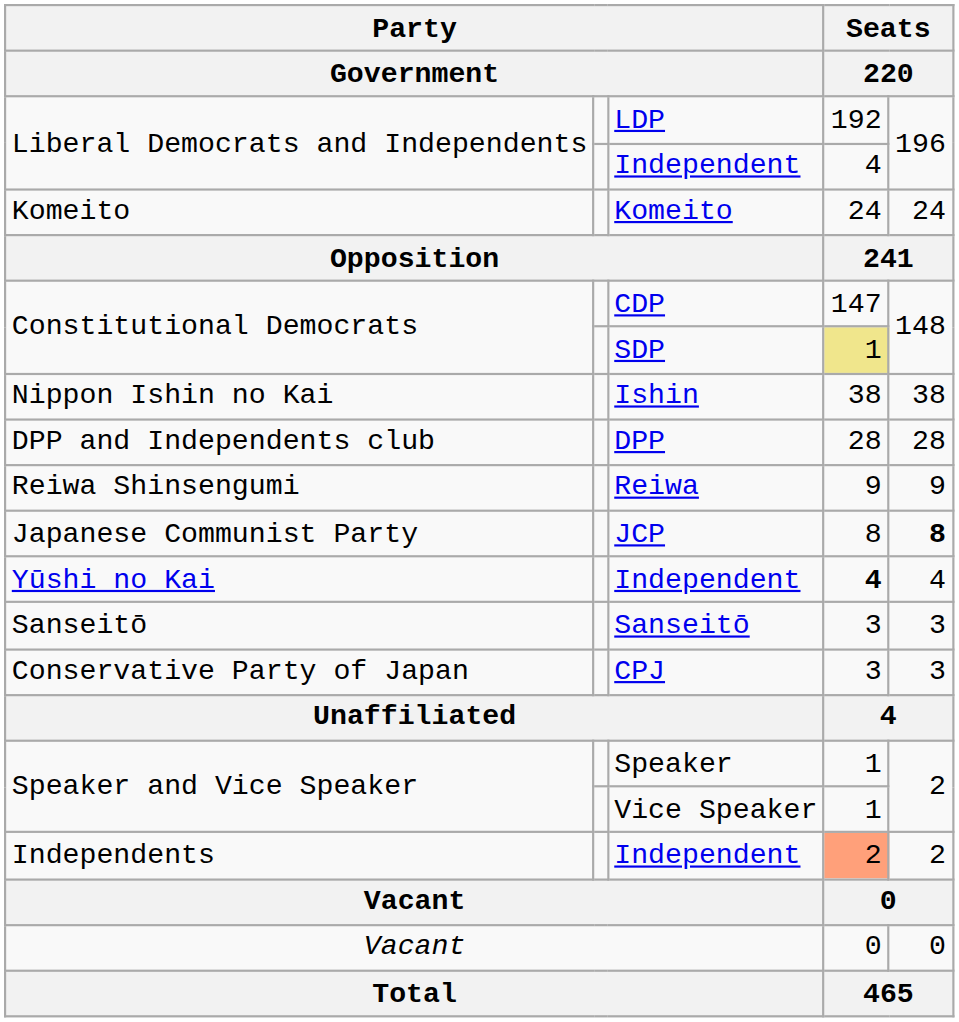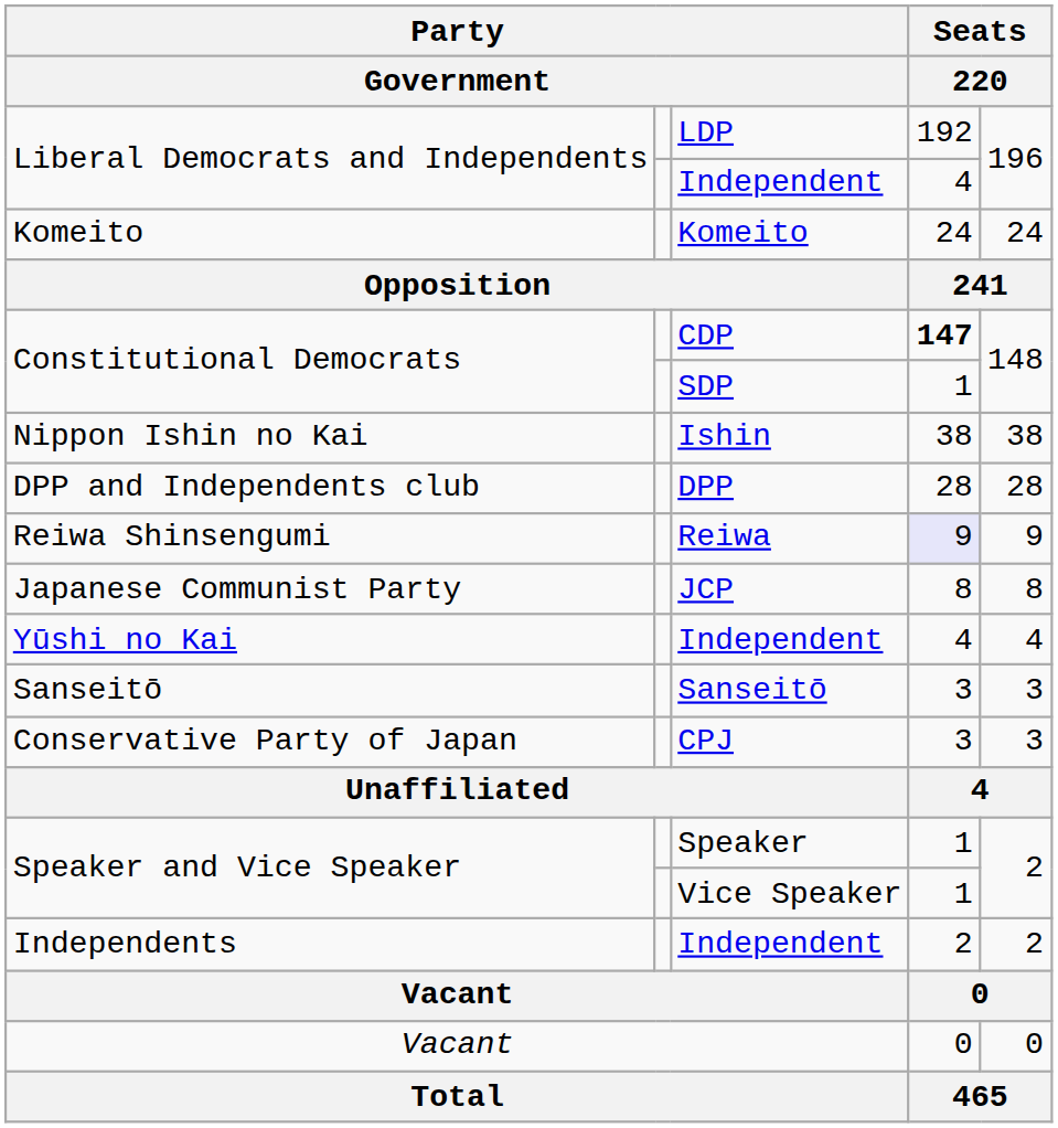 <table class="wikitable">
 <tr>
 <th colspan=3>Party</th>
 <th colspan=2>Seats</th>
 </tr>
 <tr>
 <th colspan=3>Government</th>
 <th colspan=2>220</th>
 </tr>
 <tr>
 <td rowspan=2>Liberal Democrats and Independents</td>
 <td style="background-color:"></td>
 <td><a href='#'>LDP</a></td>
 <td style="text-align:right;">192</td>
 <td rowspan=2 style="text-align:right;">196</td>
 </tr>
 <tr>
 <td style="background-color:"></td>
 <td><a href='#'>Independent</a></td>
 <td style="text-align:right;">4</td>
 </tr>
 <tr>
 <td>Komeito</td>
 <td style="background-color:"></td>
 <td><a href='#'>Komeito</a></td>
 <td style="text-align:right;">24</td>
 <td style="text-align:right;">24</td>
 </tr>
 <tr>
 <th colspan=3>Opposition</th>
 <th colspan=2>241</th>
 </tr>
 <tr>
 <td rowspan=2>Constitutional Democrats</td>
 <td style="background-color:"></td>
 <td><a href='#'>CDP</a></td>
-<td style="text-align:right;">147</td>
+<td style="text-align:right;"><strong>147</strong></td>
 <td rowspan=2 style="text-align:right;">148</td>
 </tr>
 <tr>
 <td style="background-color:"></td>
 <td><a href='#'>SDP</a></td>
-<td style="background: khaki; text-align:right;">1</td>
+<td style="text-align:right;">1</td>
 </tr>
 <tr>
 <td>Nippon Ishin no Kai</td>
 <td style="background-color:"></td>
 <td><a href='#'>Ishin</a></td>
 <td style="text-align:right;">38</td>
 <td style="text-align:right;">38</td>
 </tr>
 <tr>
 <td>DPP and Independents club</td>
 <td style="background-color:"></td>
 <td><a href='#'>DPP</a></td>
 <td style="text-align:right;">28</td>
 <td style="text-align:right;">28</td>
 </tr>
 <tr>
 <td>Reiwa Shinsengumi</td>
 <td style="background-color:"></td>
 <td><a href='#'>Reiwa</a></td>
-<td style="text-align:right;">9</td>
+<td style="background: lavender; text-align:right;">9</td>
 <td style="text-align:right;">9</td>
 </tr>
 <tr>
 <td>Japanese Communist Party</td>
 <td style="background-color:"></td>
 <td><a href='#'>JCP</a></td>
 <td style="text-align:right;">8</td>
-<td style="text-align:right;"><strong>8</strong></td>
+<td style="text-align:right;">8</td>
 </tr>
 <tr>
 <td><a href='#'>Yūshi no Kai</a></td>
 <td style="background-color:"></td>
 <td><a href='#'>Independent</a></td>
-<td style="text-align:right;"><strong>4</strong></td>
+<td style="text-align:right;">4</td>
 <td style="text-align:right;">4</td>
 </tr>
 <tr>
 <td>Sanseitō</td>
 <td style="background-color:"></td>
 <td><a href='#'>Sanseitō</a></td>
 <td style="text-align:right;">3</td>
 <td style="text-align:right;">3</td>
 </tr>
 <tr>
 <td>Conservative Party of Japan</td>
 <td style="background-color:"></td>
 <td><a href='#'>CPJ</a></td>
 <td style="text-align:right;">3</td>
 <td style="text-align:right;">3</td>
 </tr>
 <tr>
 <th colspan=3>Unaffiliated</th>
 <th colspan=2>4</th>
 </tr>
 <tr>
 <td rowspan=2>Speaker and Vice Speaker</td>
 <td></td>
 <td>Speaker</td>
 <td style="text-align:right;">1</td>
 <td rowspan=2 style="text-align:right;">2</td>
 </tr>
 <tr>
 <td></td>
 <td>Vice Speaker</td>
 <td style="text-align:right;">1</td>
 </tr>
 <tr>
 <td>Independents</td>
 <td style="background-color:"></td>
 <td><a href='#'>Independent</a></td>
-<td style="background: lightsalmon; text-align:right;">2</td>
+<td style="text-align:right;">2</td>
 <td style="text-align:right;">2</td>
 </tr>
 <tr>
 <th colspan=3>Vacant</th>
 <th colspan=2>0</th>
 </tr>
 <tr>
 <td colspan=3 style="text-align:center;"><em>Vacant</em></td>
 <td style="text-align:right;">0</td>
 <td style="text-align:right;">0</td>
 </tr>
 <tr>
 <th colspan=3>Total</th>
 <th colspan=2>465</th>
 </tr>
 </table>
